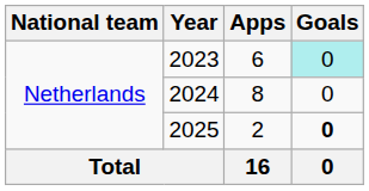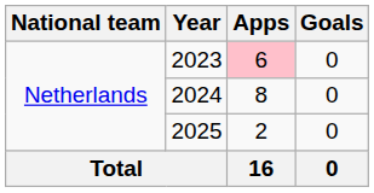 <table class="wikitable" style="text-align: center;">
 <tr>
 <th>National team</th>
 <th>Year</th>
 <th>Apps</th>
 <th>Goals</th>
 </tr>
 <tr>
 <td rowspan="3"><a href='#'>Netherlands</a></td>
 <td>2023</td>
-<td>6</td>
-<td style="background: paleturquoise;">0</td>
+<td style="background: pink;">6</td>
+<td>0</td>
 </tr>
 <tr>
 <td>2024</td>
 <td>8</td>
 <td>0</td>
 </tr>
 <tr>
 <td>2025</td>
 <td>2</td>
-<td><strong>0</strong></td>
+<td>0</td>
 </tr>
 <tr>
 <th colspan="2">Total</th>
 <th>16</th>
 <th>0</th>
 </tr>
 </table>
